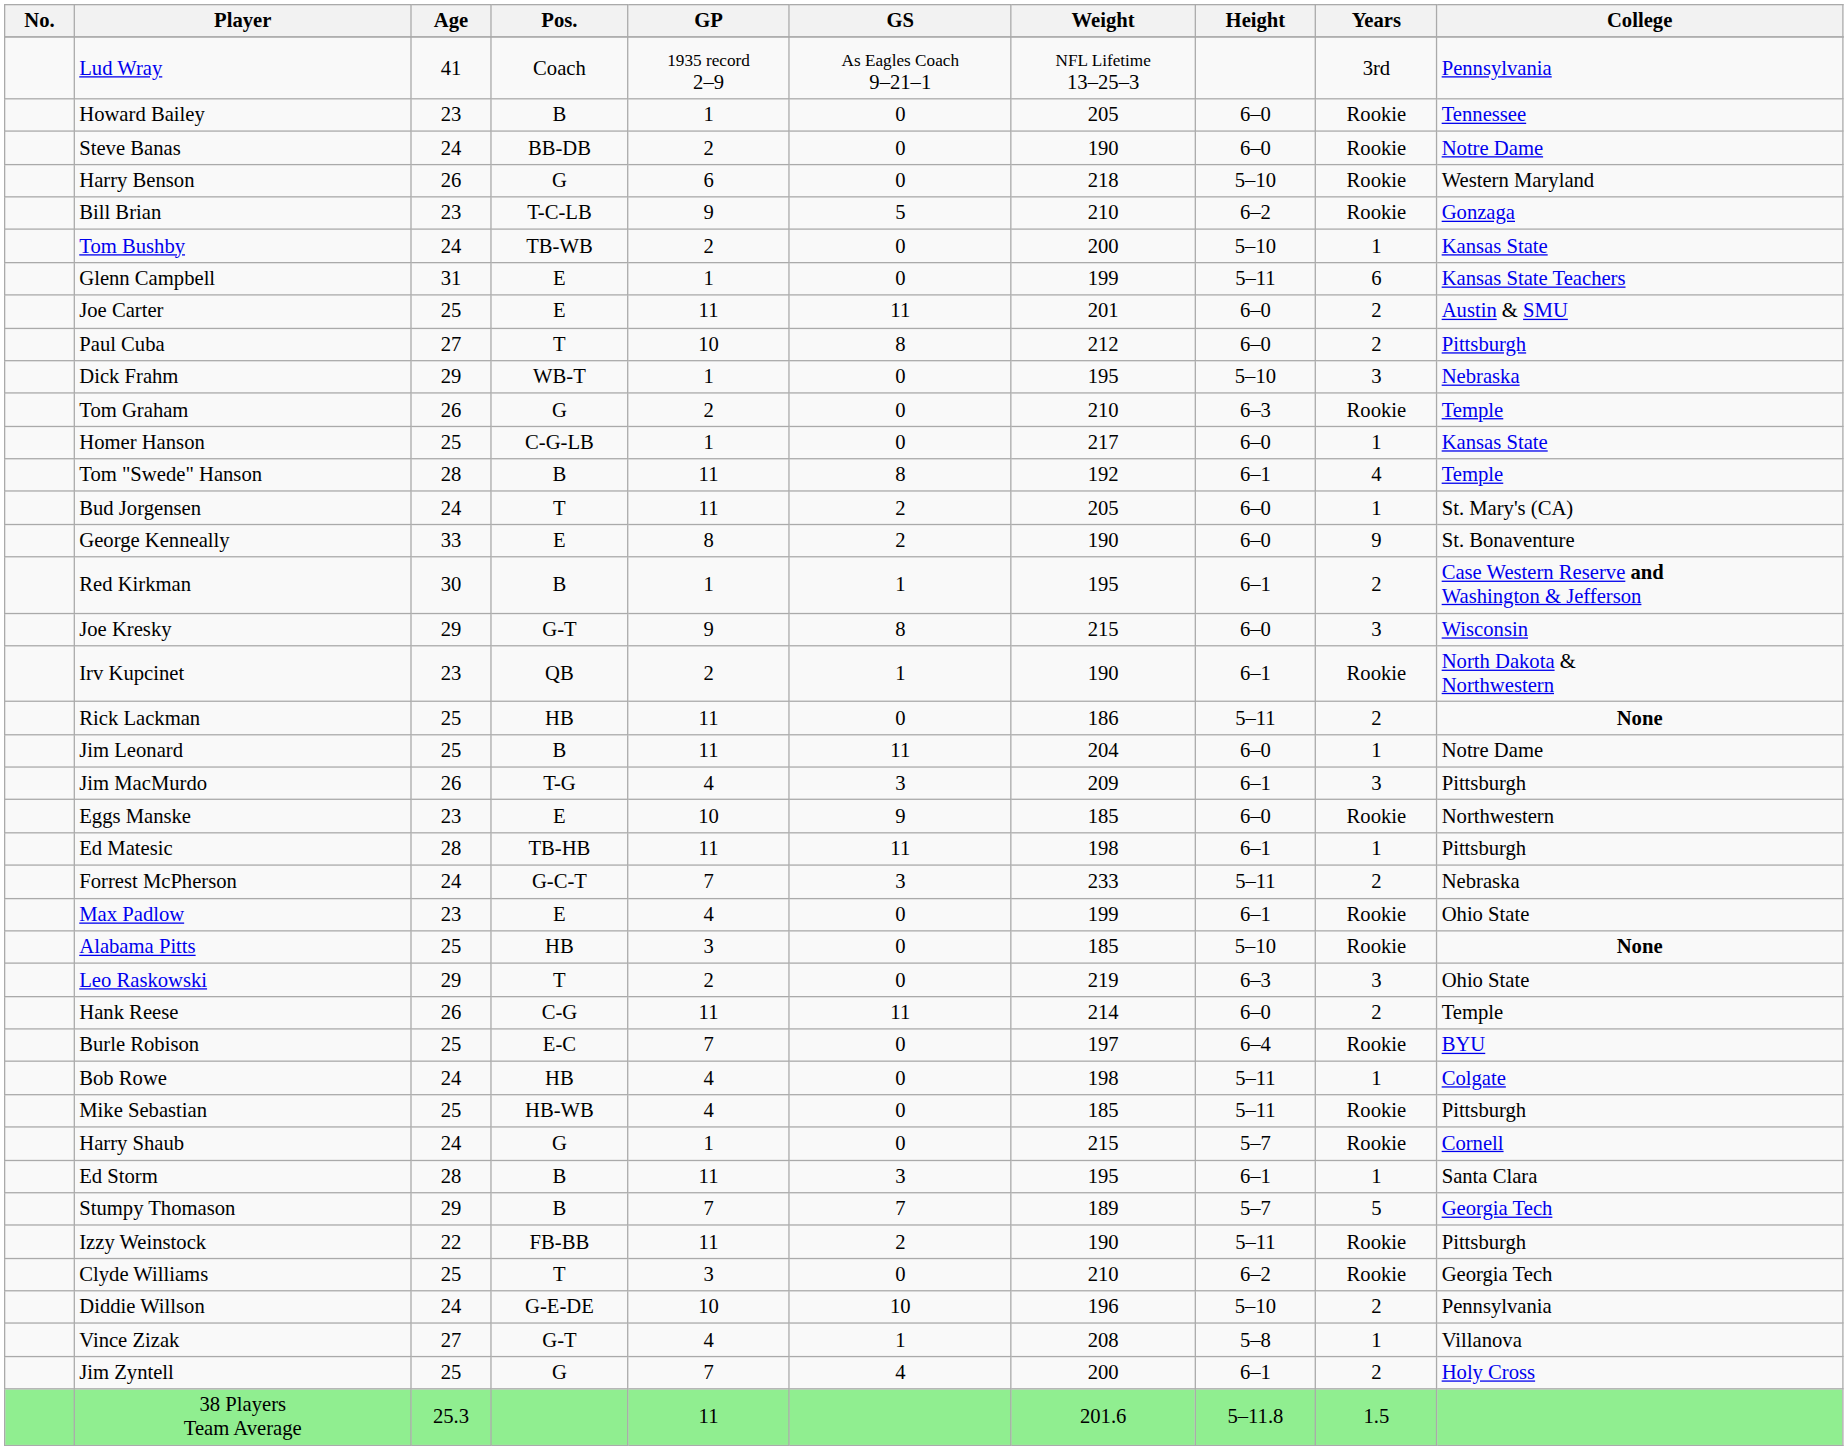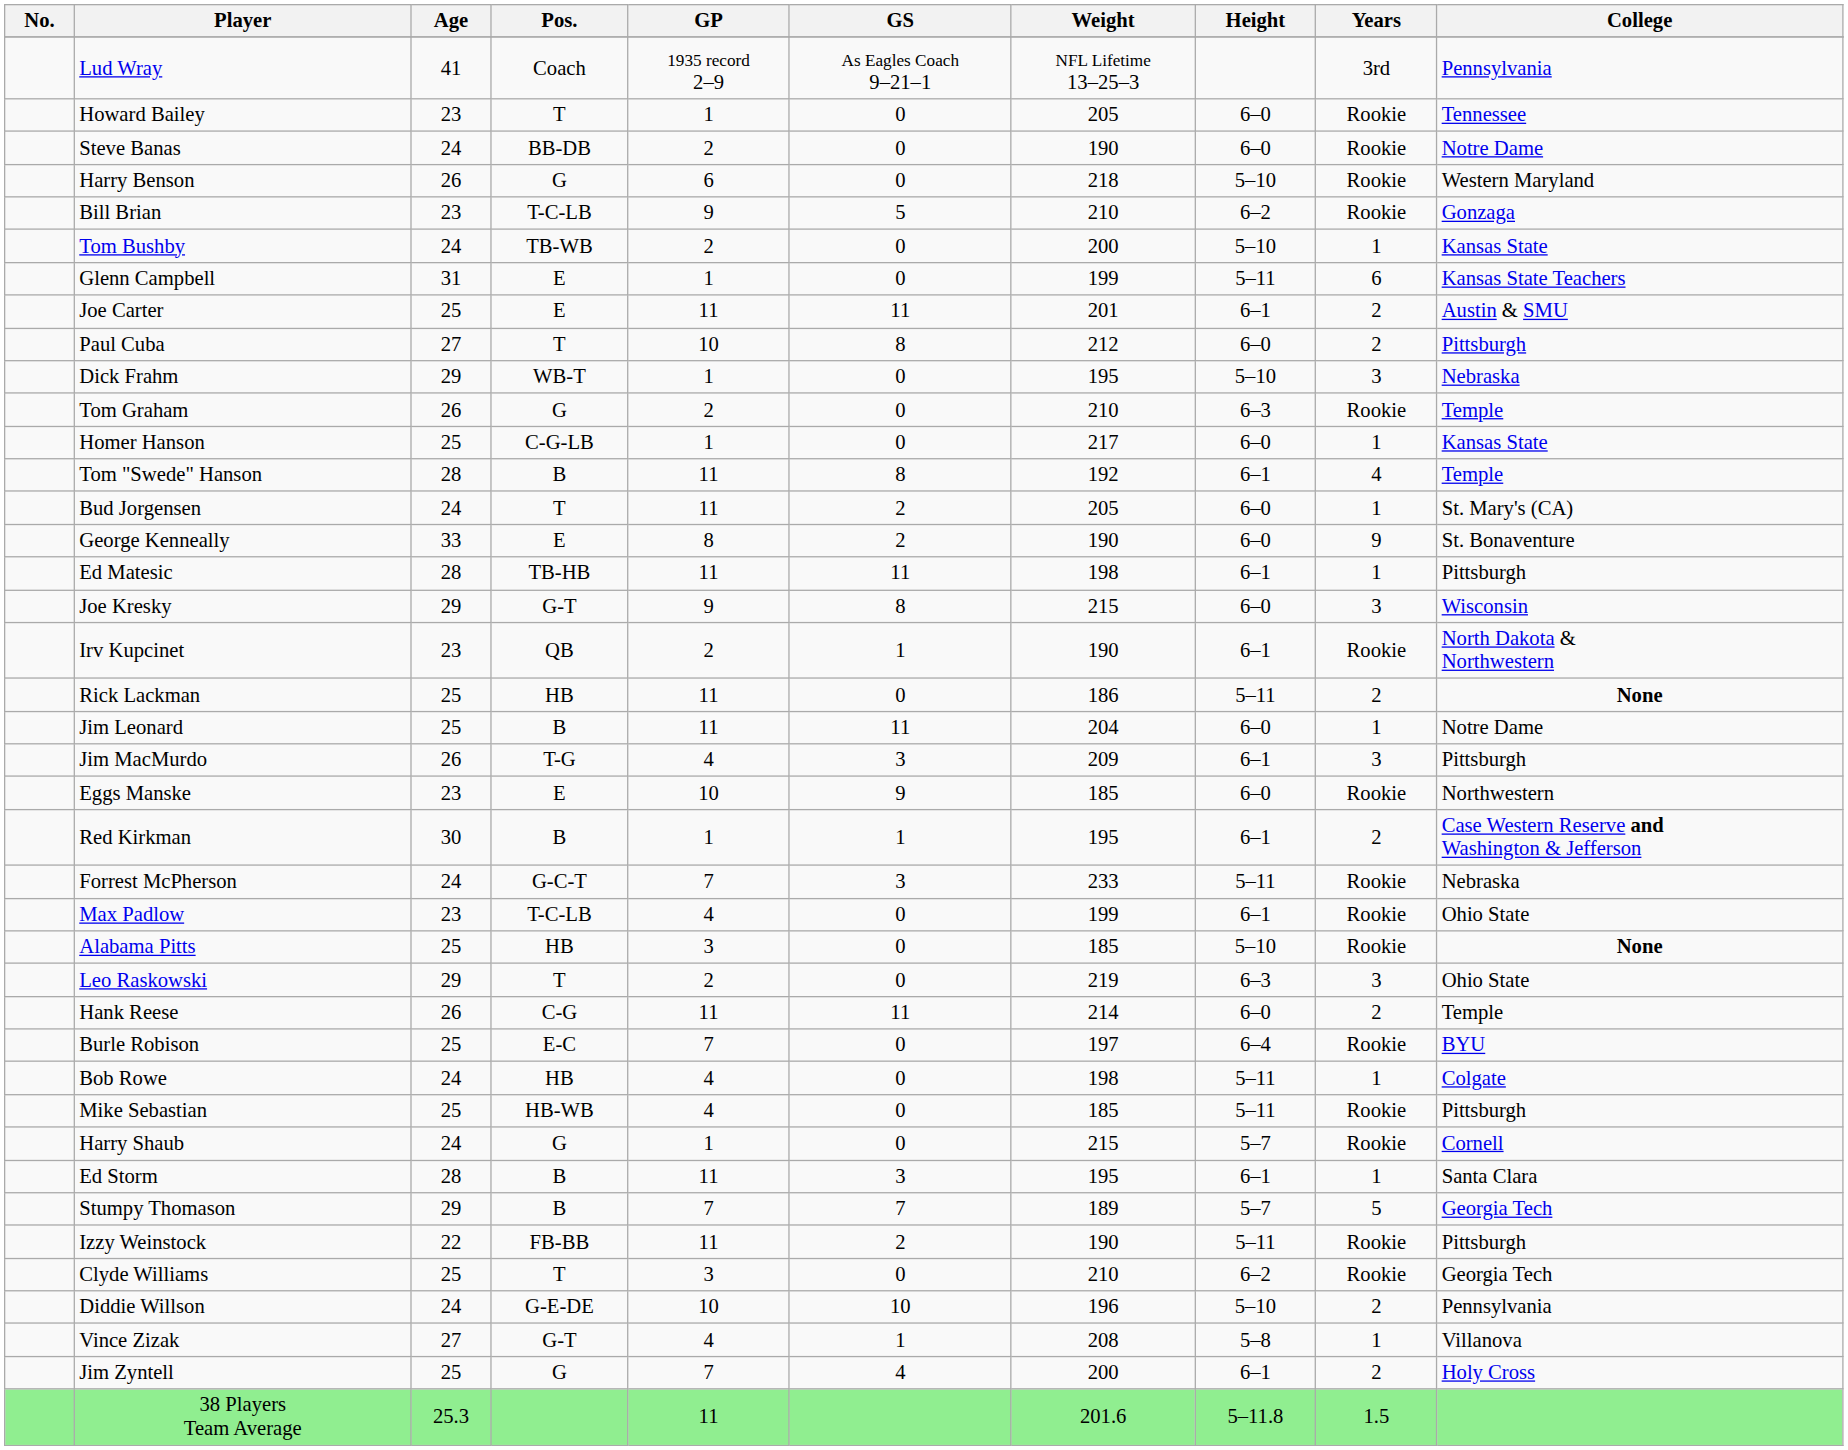 <table class="wikitable sortable sortable" style="width:90%">
 <tr>
 <th>No.</th>
 <th !width=15%>Player</th>
 <th !width=4%>Age</th>
 <th !width=6%>Pos.</th>
 <th !width=4%>GP</th>
 <th !width=4%>GS</th>
 <th !width=4%>Weight</th>
 <th !width=4%>Height</th>
 <th !width=4%>Years</th>
 <th !width=20%>College</th>
 </tr>
 <tr>
 </tr>
 <tr align=center>
 <td></td>
 <td - align=left><a href='#'>Lud Wray</a></td>
 <td>41</td>
 <td>Coach</td>
 <td><sub>1935 record</sub><br>2–9</td>
 <td><sub>As  Eagles Coach</sub><br>9–21–1</td>
 <td><sub>NFL Lifetime</sub><br>13–25–3</td>
 <td></td>
 <td>3rd</td>
 <td - align=left><a href='#'>Pennsylvania</a></td>
 </tr>
 <tr align=center>
 <td></td>
 <td - align=left>Howard Bailey</td>
 <td>23</td>
-<td>B</td>
+<td>T</td>
 <td>1</td>
 <td>0</td>
 <td>205</td>
 <td>6–0</td>
 <td>Rookie</td>
 <td - align=left><a href='#'>Tennessee</a></td>
 </tr>
 <tr align=center>
 <td></td>
 <td - align=left>Steve Banas</td>
 <td>24</td>
 <td>BB-DB</td>
 <td>2</td>
 <td>0</td>
 <td>190</td>
 <td>6–0</td>
 <td>Rookie</td>
 <td - align=left><a href='#'>Notre Dame</a></td>
 </tr>
 <tr align=center>
 <td></td>
 <td - align=left>Harry Benson</td>
 <td>26</td>
 <td>G</td>
 <td>6</td>
 <td>0</td>
 <td>218</td>
 <td>5–10</td>
 <td>Rookie</td>
 <td - align=left>Western Maryland</td>
 </tr>
 <tr align=center>
 <td></td>
 <td - align=left>Bill Brian</td>
 <td>23</td>
 <td>T-C-LB</td>
 <td>9</td>
 <td>5</td>
 <td>210</td>
 <td>6–2</td>
 <td>Rookie</td>
 <td - align=left><a href='#'>Gonzaga</a></td>
 </tr>
 <tr align=center>
 <td></td>
 <td - align=left><a href='#'>Tom Bushby</a></td>
 <td>24</td>
 <td>TB-WB</td>
 <td>2</td>
 <td>0</td>
 <td>200</td>
 <td>5–10</td>
 <td>1</td>
 <td - align=left><a href='#'>Kansas State</a></td>
 </tr>
 <tr align=center>
 <td></td>
 <td - align=left>Glenn Campbell</td>
 <td>31</td>
 <td>E</td>
 <td>1</td>
 <td>0</td>
 <td>199</td>
 <td>5–11</td>
 <td>6</td>
 <td - align=left><a href='#'>Kansas State Teachers</a></td>
 </tr>
 <tr align=center>
 <td></td>
 <td - align=left>Joe Carter</td>
 <td>25</td>
 <td>E</td>
 <td>11</td>
 <td>11</td>
 <td>201</td>
-<td>6–0</td>
+<td>6–1</td>
 <td>2</td>
 <td - align=left><a href='#'>Austin</a> & <a href='#'>SMU</a></td>
 </tr>
 <tr align=center>
 <td></td>
 <td - align=left>Paul Cuba</td>
 <td>27</td>
 <td>T</td>
 <td>10</td>
 <td>8</td>
 <td>212</td>
 <td>6–0</td>
 <td>2</td>
 <td - align=left><a href='#'>Pittsburgh</a></td>
 </tr>
 <tr align=center>
 <td></td>
 <td - align=left>Dick Frahm</td>
 <td>29</td>
 <td>WB-T</td>
 <td>1</td>
 <td>0</td>
 <td>195</td>
 <td>5–10</td>
 <td>3</td>
 <td - align=left><a href='#'>Nebraska</a></td>
 </tr>
 <tr align=center>
 <td></td>
 <td - align=left>Tom Graham</td>
 <td>26</td>
 <td>G</td>
 <td>2</td>
 <td>0</td>
 <td>210</td>
 <td>6–3</td>
 <td>Rookie</td>
 <td - align=left><a href='#'>Temple</a></td>
 </tr>
 <tr align=center>
 <td></td>
 <td - align=left>Homer Hanson</td>
 <td>25</td>
 <td>C-G-LB</td>
 <td>1</td>
 <td>0</td>
 <td>217</td>
 <td>6–0</td>
 <td>1</td>
 <td - align=left><a href='#'>Kansas State</a></td>
 </tr>
 <tr align=center>
 <td></td>
 <td - align=left>Tom "Swede" Hanson</td>
 <td>28</td>
 <td>B</td>
 <td>11</td>
 <td>8</td>
 <td>192</td>
 <td>6–1</td>
 <td>4</td>
 <td - align=left><a href='#'>Temple</a></td>
 </tr>
 <tr align=center>
 <td></td>
 <td - align=left>Bud Jorgensen</td>
 <td>24</td>
 <td>T</td>
 <td>11</td>
 <td>2</td>
 <td>205</td>
 <td>6–0</td>
 <td>1</td>
 <td - align=left>St. Mary's (CA)</td>
 </tr>
 <tr align=center>
 <td></td>
 <td - align=left>George Kenneally</td>
 <td>33</td>
 <td>E</td>
 <td>8</td>
 <td>2</td>
 <td>190</td>
 <td>6–0</td>
 <td>9</td>
 <td - align=left>St. Bonaventure</td>
 </tr>
 <tr align=center>
 <td></td>
-<td - align=left>Red Kirkman</td>
-<td>30</td>
-<td>B</td>
+<td - align=left>Ed Matesic</td>
+<td>28</td>
+<td>TB-HB</td>
+<td>11</td>
+<td>11</td>
+<td>198</td>
+<td>6–1</td>
 <td>1</td>
-<td>1</td>
-<td>195</td>
-<td>6–1</td>
-<td>2</td>
-<td - align=left><a href='#'>Case Western Reserve</a> <strong>and</strong> <br><a href='#'>Washington & Jefferson</a></td>
+<td - align=left>Pittsburgh</td>
 </tr>
 <tr align=center>
 <td></td>
 <td - align=left>Joe Kresky</td>
 <td>29</td>
 <td>G-T</td>
 <td>9</td>
 <td>8</td>
 <td>215</td>
 <td>6–0</td>
 <td>3</td>
 <td - align=left><a href='#'>Wisconsin</a></td>
 </tr>
 <tr align=center>
 <td></td>
 <td - align=left>Irv Kupcinet</td>
 <td>23</td>
 <td>QB</td>
 <td>2</td>
 <td>1</td>
 <td>190</td>
 <td>6–1</td>
 <td>Rookie</td>
 <td - align=left><a href='#'>North Dakota</a> & <br><a href='#'>Northwestern</a></td>
 </tr>
 <tr align=center>
 <td></td>
 <td - align=left>Rick Lackman</td>
 <td>25</td>
 <td>HB</td>
 <td>11</td>
 <td>0</td>
 <td>186</td>
 <td>5–11</td>
 <td>2</td>
 <td><strong>None</strong></td>
 </tr>
 <tr align=center>
 <td></td>
 <td - align=left>Jim Leonard</td>
 <td>25</td>
 <td>B</td>
 <td>11</td>
 <td>11</td>
 <td>204</td>
 <td>6–0</td>
 <td>1</td>
 <td - align=left>Notre Dame</td>
 </tr>
 <tr align=center>
 <td></td>
 <td - align=left>Jim MacMurdo</td>
 <td>26</td>
 <td>T-G</td>
 <td>4</td>
 <td>3</td>
 <td>209</td>
 <td>6–1</td>
 <td>3</td>
 <td - align=left>Pittsburgh</td>
 </tr>
 <tr align=center>
 <td></td>
 <td - align=left>Eggs Manske</td>
 <td>23</td>
 <td>E</td>
 <td>10</td>
 <td>9</td>
 <td>185</td>
 <td>6–0</td>
 <td>Rookie</td>
 <td - align=left>Northwestern</td>
 </tr>
 <tr align=center>
 <td></td>
-<td - align=left>Ed Matesic</td>
-<td>28</td>
-<td>TB-HB</td>
-<td>11</td>
-<td>11</td>
-<td>198</td>
+<td - align=left>Red Kirkman</td>
+<td>30</td>
+<td>B</td>
+<td>1</td>
+<td>1</td>
+<td>195</td>
 <td>6–1</td>
-<td>1</td>
-<td - align=left>Pittsburgh</td>
+<td>2</td>
+<td - align=left><a href='#'>Case Western Reserve</a> <strong>and</strong> <br><a href='#'>Washington & Jefferson</a></td>
 </tr>
 <tr align=center>
 <td></td>
 <td - align=left>Forrest McPherson</td>
 <td>24</td>
 <td>G-C-T</td>
 <td>7</td>
 <td>3</td>
 <td>233</td>
 <td>5–11</td>
-<td>2</td>
+<td>Rookie</td>
 <td - align=left>Nebraska</td>
 </tr>
 <tr align=center>
 <td></td>
 <td - align=left><a href='#'>Max Padlow</a></td>
 <td>23</td>
-<td>E</td>
+<td>T-C-LB</td>
 <td>4</td>
 <td>0</td>
 <td>199</td>
 <td>6–1</td>
 <td>Rookie</td>
 <td - align=left>Ohio State</td>
 </tr>
 <tr align=center>
 <td></td>
 <td - align=left><a href='#'>Alabama Pitts</a></td>
 <td>25</td>
 <td>HB</td>
 <td>3</td>
 <td>0</td>
 <td>185</td>
 <td>5–10</td>
 <td>Rookie</td>
 <td><strong>None</strong></td>
 </tr>
 <tr align=center>
 <td></td>
 <td - align=left><a href='#'>Leo Raskowski</a></td>
 <td>29</td>
 <td>T</td>
 <td>2</td>
 <td>0</td>
 <td>219</td>
 <td>6–3</td>
 <td>3</td>
 <td - align=left>Ohio State</td>
 </tr>
 <tr align=center>
 <td></td>
 <td - align=left>Hank Reese</td>
 <td>26</td>
 <td>C-G</td>
 <td>11</td>
 <td>11</td>
 <td>214</td>
 <td>6–0</td>
 <td>2</td>
 <td - align=left>Temple</td>
 </tr>
 <tr align=center>
 <td></td>
 <td - align=left>Burle Robison</td>
 <td>25</td>
 <td>E-C</td>
 <td>7</td>
 <td>0</td>
 <td>197</td>
 <td>6–4</td>
 <td>Rookie</td>
 <td - align=left><a href='#'>BYU</a></td>
 </tr>
 <tr align=center>
 <td></td>
 <td - align=left>Bob Rowe</td>
 <td>24</td>
 <td>HB</td>
 <td>4</td>
 <td>0</td>
 <td>198</td>
 <td>5–11</td>
 <td>1</td>
 <td - align=left><a href='#'>Colgate</a></td>
 </tr>
 <tr align=center>
 <td></td>
 <td - align=left>Mike Sebastian</td>
 <td>25</td>
 <td>HB-WB</td>
 <td>4</td>
 <td>0</td>
 <td>185</td>
 <td>5–11</td>
 <td>Rookie</td>
 <td - align=left>Pittsburgh</td>
 </tr>
 <tr align=center>
 <td></td>
 <td - align=left>Harry Shaub</td>
 <td>24</td>
 <td>G</td>
 <td>1</td>
 <td>0</td>
 <td>215</td>
 <td>5–7</td>
 <td>Rookie</td>
 <td - align=left><a href='#'>Cornell</a></td>
 </tr>
 <tr align=center>
 <td></td>
 <td - align=left>Ed Storm</td>
 <td>28</td>
 <td>B</td>
 <td>11</td>
 <td>3</td>
 <td>195</td>
 <td>6–1</td>
 <td>1</td>
 <td - align=left>Santa Clara</td>
 </tr>
 <tr align=center>
 <td></td>
 <td - align=left>Stumpy Thomason</td>
 <td>29</td>
 <td>B</td>
 <td>7</td>
 <td>7</td>
 <td>189</td>
 <td>5–7</td>
 <td>5</td>
 <td - align=left><a href='#'>Georgia Tech</a></td>
 </tr>
 <tr align=center>
 <td></td>
 <td - align=left>Izzy Weinstock</td>
 <td>22</td>
 <td>FB-BB</td>
 <td>11</td>
 <td>2</td>
 <td>190</td>
 <td>5–11</td>
 <td>Rookie</td>
 <td - align=left>Pittsburgh</td>
 </tr>
 <tr align=center>
 <td></td>
 <td - align=left>Clyde Williams</td>
 <td>25</td>
 <td>T</td>
 <td>3</td>
 <td>0</td>
 <td>210</td>
 <td>6–2</td>
 <td>Rookie</td>
 <td - align=left>Georgia Tech</td>
 </tr>
 <tr align=center>
 <td></td>
 <td - align=left>Diddie Willson</td>
 <td>24</td>
 <td>G-E-DE</td>
 <td>10</td>
 <td>10</td>
 <td>196</td>
 <td>5–10</td>
 <td>2</td>
 <td - align=left>Pennsylvania</td>
 </tr>
 <tr align=center>
 <td></td>
 <td - align=left>Vince Zizak</td>
 <td>27</td>
 <td>G-T</td>
 <td>4</td>
 <td>1</td>
 <td>208</td>
 <td>5–8</td>
 <td>1</td>
 <td - align=left>Villanova</td>
 </tr>
 <tr align=center>
 <td></td>
 <td - align=left>Jim Zyntell</td>
 <td>25</td>
 <td>G</td>
 <td>7</td>
 <td>4</td>
 <td>200</td>
 <td>6–1</td>
 <td>2</td>
 <td - align=left><a href='#'>Holy Cross</a></td>
 </tr>
 <tr align=center  bgcolor="90EE90">
 <td></td>
 <td>38 Players<br> Team Average</td>
 <td>25.3</td>
 <td></td>
 <td>11</td>
 <td></td>
 <td>201.6</td>
 <td>5–11.8</td>
 <td>1.5</td>
 <td></td>
 </tr>
 </table>
